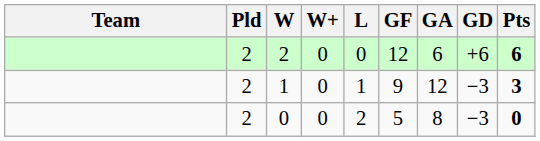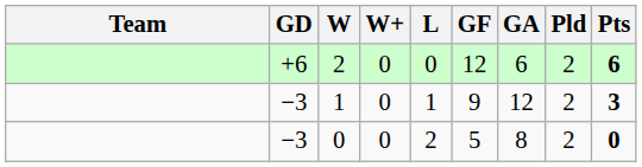 <table class="wikitable" style="text-align:center;">
 <tr>
 <th width=165>Team</th>
-<th width=20>Pld</th>
+<th width=20>GD</th>
 <th width=20>W</th>
 <th width=20>W+</th>
 <th width=20>L</th>
 <th width=20>GF</th>
 <th width=20>GA</th>
-<th width=20>GD</th>
+<th width=20>Pld</th>
 <th width=20>Pts</th>
 </tr>
 <tr align=center style="background:#ccffcc;">
 <td style="text-align:left;"></td>
-<td>2</td>
+<td>+6</td>
 <td>2</td>
 <td>0</td>
 <td>0</td>
 <td>12</td>
 <td>6</td>
-<td>+6</td>
+<td>2</td>
 <td><strong>6</strong></td>
 </tr>
 <tr align=center>
 <td style="text-align:left;"></td>
-<td>2</td>
+<td>−3</td>
 <td>1</td>
 <td>0</td>
 <td>1</td>
 <td>9</td>
 <td>12</td>
-<td>−3</td>
+<td>2</td>
 <td><strong>3</strong></td>
 </tr>
 <tr align=center>
 <td style="text-align:left;"></td>
-<td>2</td>
+<td>−3</td>
 <td>0</td>
 <td>0</td>
 <td>2</td>
 <td>5</td>
 <td>8</td>
-<td>−3</td>
+<td>2</td>
 <td><strong>0</strong></td>
 </tr>
 </table>
